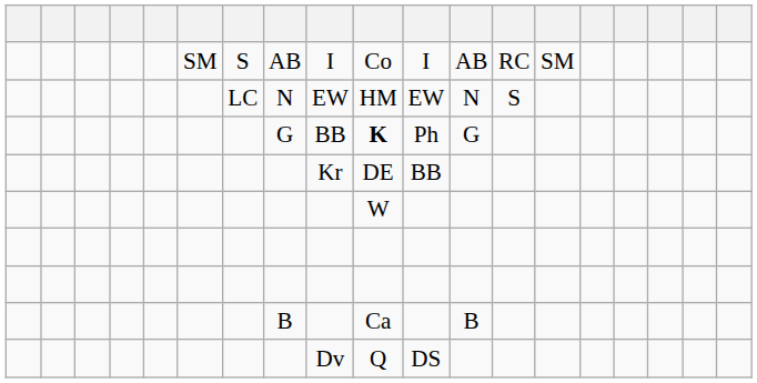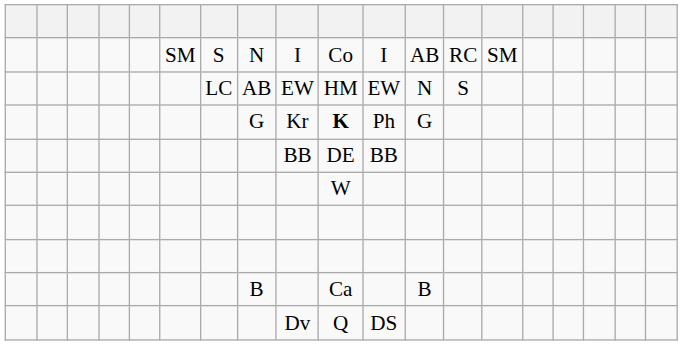 <table class="wikitable" style="margin:1em auto;">
 <tr align="center">
 <th>    </th>
 <th>    </th>
 <th>    </th>
 <th>    </th>
 <th>    </th>
 <th>    </th>
 <th>    </th>
 <th>    </th>
 <th>    </th>
 <th>    </th>
 <th>    </th>
 <th>    </th>
 <th>    </th>
 <th>    </th>
 <th>    </th>
 <th>    </th>
 <th>    </th>
 <th>    </th>
 <th>    </th>
 </tr>
 <tr align="center">
 <td> </td>
 <td> </td>
 <td> </td>
 <td> </td>
 <td> </td>
 <td>SM</td>
 <td>S</td>
-<td>AB</td>
+<td>N</td>
 <td>I</td>
 <td>Co</td>
 <td>I</td>
 <td>AB</td>
 <td>RC</td>
 <td>SM</td>
 <td> </td>
 <td> </td>
 <td> </td>
 <td> </td>
 <td> </td>
 </tr>
 <tr align="center">
 <td> </td>
 <td> </td>
 <td> </td>
 <td> </td>
 <td> </td>
 <td> </td>
 <td>LC</td>
-<td>N</td>
+<td>AB</td>
 <td>EW</td>
 <td>HM</td>
 <td>EW</td>
 <td>N</td>
 <td>S</td>
 <td> </td>
 <td> </td>
 <td> </td>
 <td> </td>
 <td> </td>
 <td> </td>
 </tr>
 <tr align="center">
 <td> </td>
 <td> </td>
 <td> </td>
 <td> </td>
 <td> </td>
 <td> </td>
 <td> </td>
 <td>G</td>
-<td>BB</td>
+<td>Kr</td>
 <td><strong>K</strong></td>
 <td>Ph</td>
 <td>G</td>
 <td> </td>
 <td> </td>
 <td> </td>
 <td> </td>
 <td> </td>
 <td> </td>
 <td> </td>
 </tr>
 <tr align="center">
 <td> </td>
 <td> </td>
 <td> </td>
 <td> </td>
 <td> </td>
 <td> </td>
 <td> </td>
 <td> </td>
-<td>Kr</td>
+<td>BB</td>
 <td>DE</td>
 <td>BB</td>
 <td> </td>
 <td> </td>
 <td> </td>
 <td> </td>
 <td> </td>
 <td> </td>
 <td> </td>
 <td> </td>
 </tr>
 <tr align="center">
 <td> </td>
 <td> </td>
 <td> </td>
 <td> </td>
 <td> </td>
 <td> </td>
 <td> </td>
 <td> </td>
 <td> </td>
 <td>W</td>
 <td> </td>
 <td> </td>
 <td> </td>
 <td> </td>
 <td> </td>
 <td> </td>
 <td> </td>
 <td> </td>
 <td> </td>
 </tr>
 <tr align="center">
 <td> </td>
 <td> </td>
 <td> </td>
 <td> </td>
 <td> </td>
 <td> </td>
 <td> </td>
 <td> </td>
 <td> </td>
 <td> </td>
 <td> </td>
 <td> </td>
 <td> </td>
 <td> </td>
 <td> </td>
 <td> </td>
 <td> </td>
 <td> </td>
 <td> </td>
 </tr>
 <tr align="center">
 <td> </td>
 <td> </td>
 <td> </td>
 <td> </td>
 <td> </td>
 <td> </td>
 <td> </td>
 <td> </td>
 <td> </td>
 <td> </td>
 <td> </td>
 <td> </td>
 <td> </td>
 <td> </td>
 <td> </td>
 <td> </td>
 <td> </td>
 <td> </td>
 <td> </td>
 </tr>
 <tr align="center">
 <td> </td>
 <td> </td>
 <td> </td>
 <td> </td>
 <td> </td>
 <td> </td>
 <td> </td>
 <td>B</td>
 <td> </td>
 <td>Ca</td>
 <td> </td>
 <td>B</td>
 <td> </td>
 <td> </td>
 <td> </td>
 <td> </td>
 <td> </td>
 <td> </td>
 <td> </td>
 </tr>
 <tr align="center">
 <td> </td>
 <td> </td>
 <td> </td>
 <td> </td>
 <td> </td>
 <td> </td>
 <td> </td>
 <td> </td>
 <td>Dv</td>
 <td>Q</td>
 <td>DS</td>
 <td> </td>
 <td> </td>
 <td> </td>
 <td> </td>
 <td> </td>
 <td> </td>
 <td> </td>
 <td> </td>
 </tr>
 </table>
